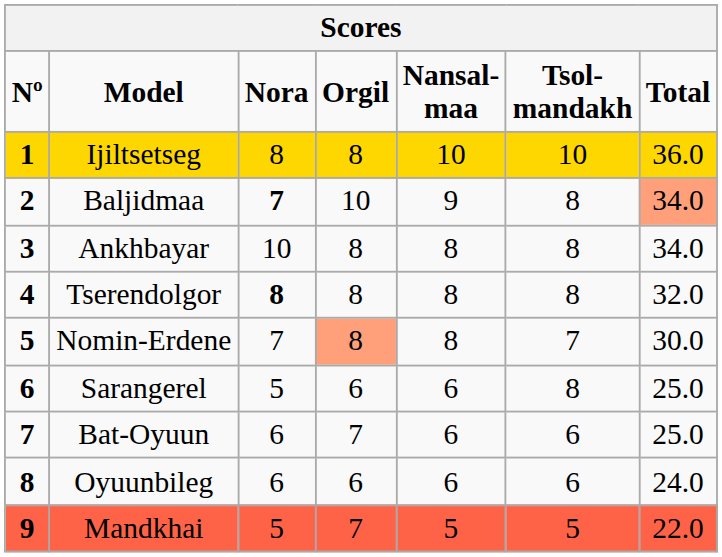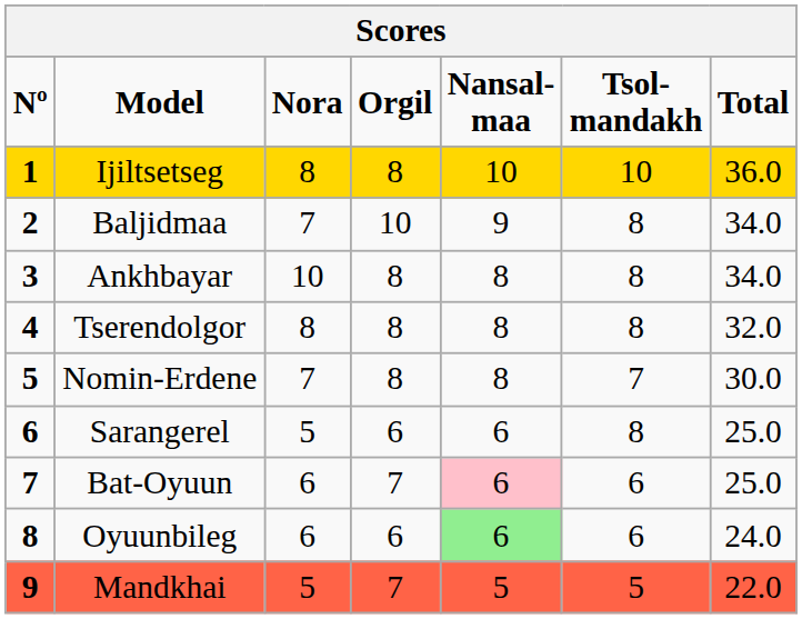 <table class="wikitable collapsible autocollapse" style="text-align:center;">
 <tr>
 <th colspan="7">Scores</th>
 </tr>
 <tr>
 <td><strong>Nº</strong></td>
 <td><strong>Model</strong></td>
 <td><strong>Nora</strong></td>
 <td><strong>Orgil</strong></td>
 <td><strong>Nansal-<br>maa</strong></td>
 <td><strong>Tsol-<br>mandakh</strong></td>
 <td><strong>Total</strong></td>
 </tr>
 <tr>
 <td style="background:gold"><strong>1</strong></td>
 <td style="background:gold">Ijiltsetseg</td>
 <td style="background:gold">8</td>
 <td style="background:gold">8</td>
 <td style="background:gold">10</td>
 <td style="background:gold">10</td>
 <td style="background:gold">36.0</td>
 </tr>
 <tr>
 <td><strong>2</strong></td>
 <td>Baljidmaa</td>
-<td><strong>7</strong></td>
+<td>7</td>
 <td>10</td>
 <td>9</td>
 <td>8</td>
-<td style="background: lightsalmon;">34.0</td>
+<td>34.0</td>
 </tr>
 <tr>
 <td><strong>3</strong></td>
 <td>Ankhbayar</td>
 <td>10</td>
 <td>8</td>
 <td>8</td>
 <td>8</td>
 <td>34.0</td>
 </tr>
 <tr>
 <td><strong>4</strong></td>
 <td>Tserendolgor</td>
-<td><strong>8</strong></td>
+<td>8</td>
 <td>8</td>
 <td>8</td>
 <td>8</td>
 <td>32.0</td>
 </tr>
 <tr>
 <td><strong>5</strong></td>
 <td>Nomin-Erdene</td>
 <td>7</td>
-<td style="background: lightsalmon;">8</td>
+<td>8</td>
 <td>8</td>
 <td>7</td>
 <td>30.0</td>
 </tr>
 <tr>
 <td><strong>6</strong></td>
 <td>Sarangerel</td>
 <td>5</td>
 <td>6</td>
 <td>6</td>
 <td>8</td>
 <td>25.0</td>
 </tr>
 <tr>
 <td><strong>7</strong></td>
 <td>Bat-Oyuun</td>
 <td>6</td>
 <td>7</td>
-<td>6</td>
+<td style="background: pink;">6</td>
 <td>6</td>
 <td>25.0</td>
 </tr>
 <tr>
 <td><strong>8</strong></td>
 <td>Oyuunbileg</td>
 <td>6</td>
 <td>6</td>
-<td>6</td>
+<td style="background: lightgreen;">6</td>
 <td>6</td>
 <td>24.0</td>
 </tr>
 <tr>
 <td style="background:tomato"><strong>9</strong></td>
 <td style="background:tomato">Mandkhai</td>
 <td style="background:tomato">5</td>
 <td style="background:tomato">7</td>
 <td style="background:tomato">5</td>
 <td style="background:tomato">5</td>
 <td style="background:tomato">22.0</td>
 </tr>
 </table>
